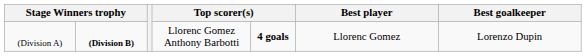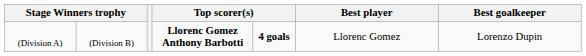 <table class="wikitable" style="text-align: center; font-size: 97%;">
 <tr>
 <th colspan=2 width=200>Stage Winners trophy</th>
 <th rowspan=2></th>
 <th colspan=2 width=200>Top scorer(s)</th>
 <th width=200>Best player</th>
 <th width=200>Best goalkeeper</th>
 </tr>
 <tr align=center style="background:">
 <td style="text-align:center;"><br><small>(Division A)</small></td>
-<td><strong><br><small>(Division B)</small></strong></td>
-<td> Llorenc Gomez<br> Anthony Barbotti</td>
+<td><br><small>(Division B)</small></td>
+<td><strong> Llorenc Gomez<br> Anthony Barbotti</strong></td>
 <td><strong>4 goals</strong></td>
 <td> Llorenc Gomez</td>
 <td> Lorenzo Dupin</td>
 </tr>
 </table>
